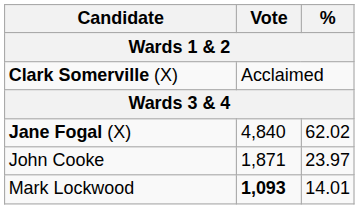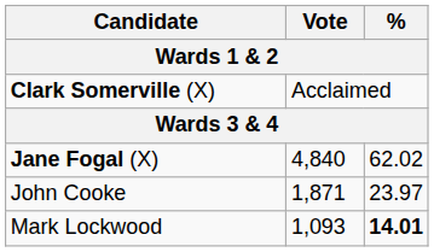 <table class="wikitable">
 <tr>
 <th bgcolor="#DDDDFF" width="200px">Candidate</th>
 <th bgcolor="#DDDDFF" width="50px">Vote</th>
 <th bgcolor="#DDDDFF" width="30px">%</th>
 </tr>
 <tr>
 <th colspan="3">Wards 1 & 2</th>
 </tr>
 <tr>
 <td><strong>Clark Somerville</strong> (X)</td>
 <td colspan="2">Acclaimed</td>
 </tr>
 <tr>
 <th colspan="3">Wards 3 & 4</th>
 </tr>
 <tr>
 <td><strong>Jane Fogal</strong> (X)</td>
 <td>4,840</td>
 <td>62.02</td>
 </tr>
 <tr>
 <td>John Cooke</td>
 <td>1,871</td>
 <td>23.97</td>
 </tr>
 <tr>
 <td>Mark Lockwood</td>
-<td><strong>1,093</strong></td>
-<td>14.01</td>
+<td>1,093</td>
+<td><strong>14.01</strong></td>
 </tr>
 </table>
